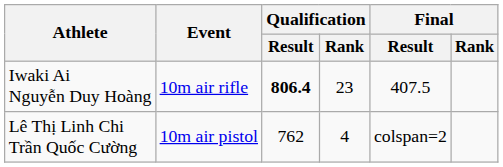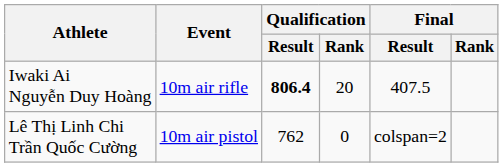 <table class=wikitable style="font-size:90%;text-align:center">
 <tr>
 <th rowspan=2>Athlete</th>
 <th rowspan=2>Event</th>
 <th colspan=2>Qualification</th>
 <th colspan=2>Final</th>
 </tr>
 <tr style="font-size:95%">
 <th>Result</th>
 <th>Rank</th>
 <th>Result</th>
 <th>Rank</th>
 </tr>
 <tr>
 <td align=left>Iwaki Ai<br>Nguyễn Duy Hoàng</td>
 <td align=left><a href='#'>10m air rifle</a></td>
 <td><strong>806.4</strong></td>
-<td>23</td>
+<td>20</td>
 <td>407.5</td>
 </tr>
 <tr>
 <td align=left>Lê Thị Linh Chi<br>Trần Quốc Cường</td>
 <td align=left><a href='#'>10m air pistol</a></td>
 <td>762</td>
-<td>4 <strong></strong></td>
+<td>0 <strong></strong></td>
 <td>colspan=2</td>
 <td></td>
 </tr>
 </table>
